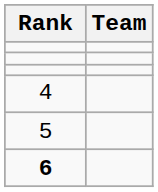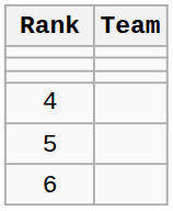 <table class="wikitable" style="text-align: center;">
 <tr>
 <th width=40>Rank</th>
 <th>Team</th>
 </tr>
 <tr>
 <td></td>
 <td align=left></td>
 </tr>
 <tr>
 <td></td>
 <td align=left></td>
 </tr>
 <tr>
 <td></td>
 <td align=left></td>
 </tr>
 <tr>
 <td>4</td>
 <td align=left></td>
 </tr>
 <tr>
 <td>5</td>
 <td align=left></td>
 </tr>
 <tr>
-<td><strong>6</strong></td>
+<td>6</td>
 <td align=left></td>
 </tr>
 </table>
